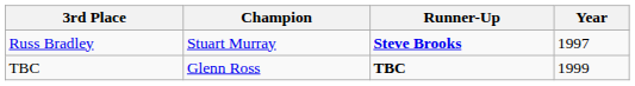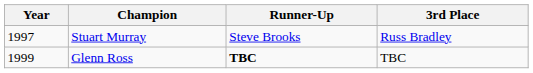 <table class="wikitable" style="display: inline-table;width: 50%;">
 <tr>
-<th>3rd Place</th>
+<th>Year</th>
 <th>Champion</th>
 <th>Runner-Up</th>
-<th>Year</th>
+<th>3rd Place</th>
 </tr>
 <tr>
+<td>1997</td>
+<td> <a href='#'>Stuart Murray</a></td>
+<td> <a href='#'>Steve Brooks</a></td>
 <td> <a href='#'>Russ Bradley</a></td>
-<td> <a href='#'>Stuart Murray</a></td>
-<td><strong> <a href='#'>Steve Brooks</a></strong></td>
-<td>1997</td>
 </tr>
 <tr>
-<td> TBC</td>
+<td>1999</td>
 <td> <a href='#'>Glenn Ross</a></td>
 <td><strong> TBC</strong></td>
-<td>1999</td>
+<td> TBC</td>
 </tr>
 </table>
